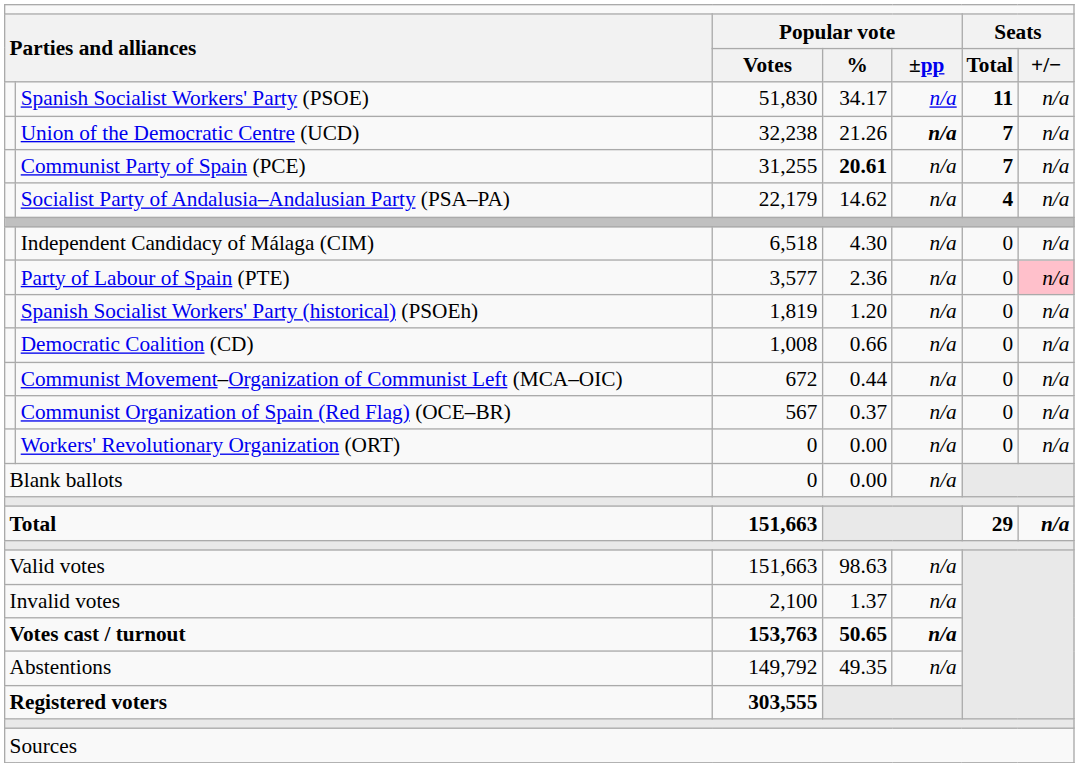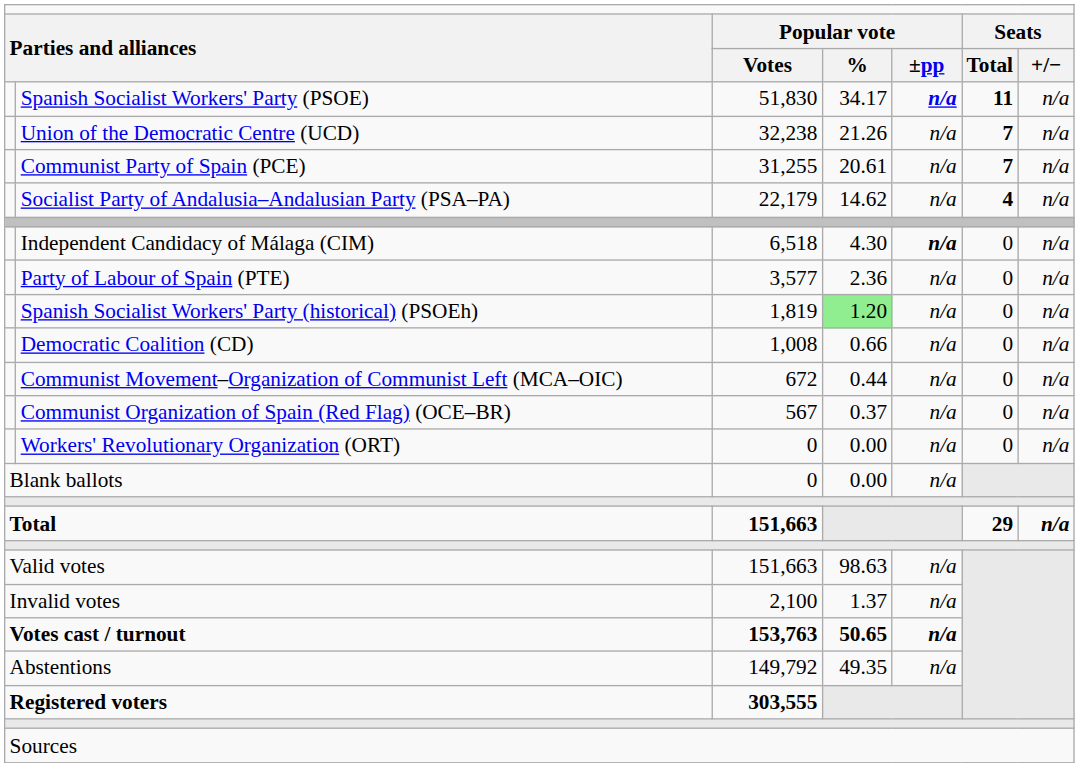 <table class="wikitable" style="text-align:right;">
 <tr>
 <td colspan="7"></td>
 </tr>
 <tr>
 <th style="text-align:left;" rowspan="2" colspan="2" width="525">Parties and alliances</th>
 <th colspan="3">Popular vote</th>
 <th colspan="2">Seats</th>
 </tr>
 <tr>
 <th width="75">Votes</th>
 <th width="45">%</th>
 <th width="45">±<a href='#'>pp</a></th>
 <th width="35">Total</th>
 <th width="35">+/−</th>
 </tr>
 <tr>
 <td width="1" style="color:inherit;background:"></td>
 <td align="left"><a href='#'>Spanish Socialist Workers' Party</a> (PSOE)</td>
 <td>51,830</td>
 <td>34.17</td>
-<td><em><a href='#'>n/a</a></em></td>
+<td><strong><em><a href='#'>n/a</a></em></strong></td>
 <td><strong>11</strong></td>
 <td><em>n/a</em></td>
 </tr>
 <tr>
 <td style="color:inherit;background:"></td>
 <td align="left"><a href='#'>Union of the Democratic Centre</a> (UCD)</td>
 <td>32,238</td>
 <td>21.26</td>
-<td><strong><em>n/a</em></strong></td>
+<td><em>n/a</em></td>
 <td><strong>7</strong></td>
 <td><em>n/a</em></td>
 </tr>
 <tr>
 <td style="color:inherit;background:"></td>
 <td align="left"><a href='#'>Communist Party of Spain</a> (PCE)</td>
 <td>31,255</td>
-<td><strong>20.61</strong></td>
+<td>20.61</td>
 <td><em>n/a</em></td>
 <td><strong>7</strong></td>
 <td><em>n/a</em></td>
 </tr>
 <tr>
 <td style="color:inherit;background:"></td>
 <td align="left"><a href='#'>Socialist Party of Andalusia–Andalusian Party</a> (PSA–PA)</td>
 <td>22,179</td>
 <td>14.62</td>
 <td><em>n/a</em></td>
 <td><strong>4</strong></td>
 <td><em>n/a</em></td>
 </tr>
 <tr>
 <td colspan="7" bgcolor="#C0C0C0"></td>
 </tr>
 <tr>
 <td style="color:inherit;background:"></td>
 <td align="left">Independent Candidacy of Málaga (CIM)</td>
 <td>6,518</td>
 <td>4.30</td>
-<td><em>n/a</em></td>
+<td><strong><em>n/a</em></strong></td>
 <td>0</td>
 <td><em>n/a</em></td>
 </tr>
 <tr>
 <td style="color:inherit;background:"></td>
 <td align="left"><a href='#'>Party of Labour of Spain</a> (PTE)</td>
 <td>3,577</td>
 <td>2.36</td>
 <td><em>n/a</em></td>
 <td>0</td>
-<td style="background: pink;"><em>n/a</em></td>
+<td><em>n/a</em></td>
 </tr>
 <tr>
 <td style="color:inherit;background:"></td>
 <td align="left"><a href='#'>Spanish Socialist Workers' Party (historical)</a> (PSOEh)</td>
 <td>1,819</td>
-<td>1.20</td>
+<td style="background: lightgreen;">1.20</td>
 <td><em>n/a</em></td>
 <td>0</td>
 <td><em>n/a</em></td>
 </tr>
 <tr>
 <td style="color:inherit;background:"></td>
 <td align="left"><a href='#'>Democratic Coalition</a> (CD)</td>
 <td>1,008</td>
 <td>0.66</td>
 <td><em>n/a</em></td>
 <td>0</td>
 <td><em>n/a</em></td>
 </tr>
 <tr>
 <td style="color:inherit;background:"></td>
 <td align="left"><a href='#'>Communist Movement</a>–<a href='#'>Organization of Communist Left</a> (MCA–OIC)</td>
 <td>672</td>
 <td>0.44</td>
 <td><em>n/a</em></td>
 <td>0</td>
 <td><em>n/a</em></td>
 </tr>
 <tr>
 <td style="color:inherit;background:"></td>
 <td align="left"><a href='#'>Communist Organization of Spain (Red Flag)</a> (OCE–BR)</td>
 <td>567</td>
 <td>0.37</td>
 <td><em>n/a</em></td>
 <td>0</td>
 <td><em>n/a</em></td>
 </tr>
 <tr>
 <td style="color:inherit;background:"></td>
 <td align="left"><a href='#'>Workers' Revolutionary Organization</a> (ORT)</td>
 <td>0</td>
 <td>0.00</td>
 <td><em>n/a</em></td>
 <td>0</td>
 <td><em>n/a</em></td>
 </tr>
 <tr>
 <td align="left" colspan="2">Blank ballots</td>
 <td>0</td>
 <td>0.00</td>
 <td><em>n/a</em></td>
 <td bgcolor="#E9E9E9" colspan="2"></td>
 </tr>
 <tr>
 <td colspan="7" bgcolor="#E9E9E9"></td>
 </tr>
 <tr style="font-weight:bold;">
 <td align="left" colspan="2">Total</td>
 <td>151,663</td>
 <td bgcolor="#E9E9E9" colspan="2"></td>
 <td>29</td>
 <td><em>n/a</em></td>
 </tr>
 <tr>
 <td colspan="7" bgcolor="#E9E9E9"></td>
 </tr>
 <tr>
 <td align="left" colspan="2">Valid votes</td>
 <td>151,663</td>
 <td>98.63</td>
 <td><em>n/a</em></td>
 <td bgcolor="#E9E9E9" colspan="2" rowspan="5"></td>
 </tr>
 <tr>
 <td align="left" colspan="2">Invalid votes</td>
 <td>2,100</td>
 <td>1.37</td>
 <td><em>n/a</em></td>
 </tr>
 <tr style="font-weight:bold;">
 <td align="left" colspan="2">Votes cast / turnout</td>
 <td>153,763</td>
 <td>50.65</td>
 <td><em>n/a</em></td>
 </tr>
 <tr>
 <td align="left" colspan="2">Abstentions</td>
 <td>149,792</td>
 <td>49.35</td>
 <td><em>n/a</em></td>
 </tr>
 <tr style="font-weight:bold;">
 <td align="left" colspan="2">Registered voters</td>
 <td>303,555</td>
 <td bgcolor="#E9E9E9" colspan="2"></td>
 </tr>
 <tr>
 <td colspan="7" bgcolor="#E9E9E9"></td>
 </tr>
 <tr>
 <td align="left" colspan="7">Sources</td>
 </tr>
 </table>
